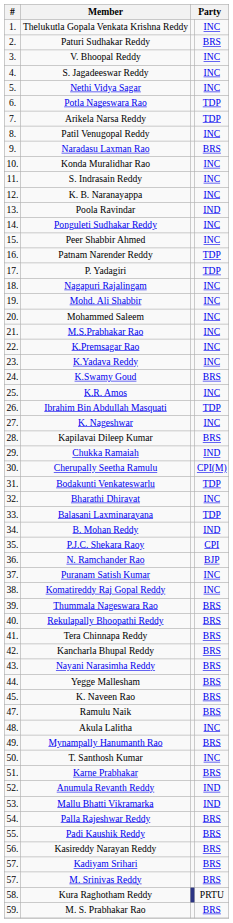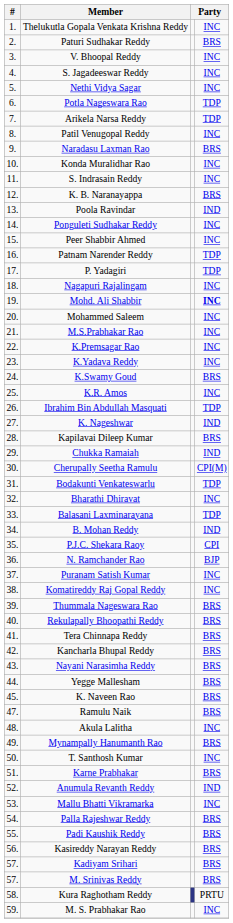 <table class="wikitable sortable" style="text-align:center;">
 <tr>
 <th>#</th>
 <th>Member</th>
 <th colspan="2">Party</th>
 </tr>
 <tr>
 <td>1.</td>
 <td>Thelukutla Gopala Venkata Krishna Reddy</td>
 <td></td>
 <td><a href='#'>INC</a></td>
 </tr>
 <tr>
 <td>2.</td>
 <td>Paturi Sudhakar Reddy</td>
 <td></td>
 <td><a href='#'>BRS</a></td>
 </tr>
 <tr>
 <td>3.</td>
 <td>V. Bhoopal Reddy</td>
 <td></td>
 <td><a href='#'>INC</a></td>
 </tr>
 <tr>
 <td>4.</td>
 <td>S. Jagadeeswar Reddy</td>
 <td></td>
 <td><a href='#'>INC</a></td>
 </tr>
 <tr>
 <td>5.</td>
 <td><a href='#'>Nethi Vidya Sagar</a></td>
 <td></td>
 <td><a href='#'>INC</a></td>
 </tr>
 <tr>
 <td>6.</td>
 <td><a href='#'>Potla Nageswara Rao</a></td>
 <td></td>
 <td><a href='#'>TDP</a></td>
 </tr>
 <tr>
 <td>7.</td>
 <td>Arikela Narsa Reddy</td>
 <td></td>
 <td><a href='#'>TDP</a></td>
 </tr>
 <tr>
 <td>8.</td>
 <td>Patil Venugopal Reddy</td>
 <td></td>
 <td><a href='#'>INC</a></td>
 </tr>
 <tr>
 <td>9.</td>
 <td><a href='#'>Naradasu Laxman Rao</a></td>
 <td></td>
 <td><a href='#'>BRS</a></td>
 </tr>
 <tr>
 <td>10.</td>
 <td>Konda Muralidhar Rao</td>
 <td></td>
 <td><a href='#'>INC</a></td>
 </tr>
 <tr>
 <td>11.</td>
 <td>S. Indrasain Reddy</td>
 <td></td>
 <td><a href='#'>INC</a></td>
 </tr>
 <tr>
 <td>12.</td>
 <td>K. B. Naranayappa</td>
 <td></td>
-<td><a href='#'>INC</a></td>
+<td><a href='#'>BRS</a></td>
 </tr>
 <tr>
 <td>13.</td>
 <td>Poola Ravindar</td>
 <td></td>
 <td><a href='#'>IND</a></td>
 </tr>
 <tr>
 <td>14.</td>
 <td><a href='#'>Ponguleti Sudhakar Reddy</a></td>
 <td></td>
 <td><a href='#'>INC</a></td>
 </tr>
 <tr>
 <td>15.</td>
 <td>Peer Shabbir Ahmed</td>
 <td></td>
 <td><a href='#'>INC</a></td>
 </tr>
 <tr>
 <td>16.</td>
 <td>Patnam Narender Reddy</td>
 <td></td>
 <td><a href='#'>TDP</a></td>
 </tr>
 <tr>
 <td>17.</td>
 <td>P. Yadagiri</td>
 <td></td>
 <td><a href='#'>TDP</a></td>
 </tr>
 <tr>
 <td>18.</td>
 <td><a href='#'>Nagapuri Rajalingam</a></td>
 <td></td>
 <td><a href='#'>INC</a></td>
 </tr>
 <tr>
 <td>19.</td>
 <td><a href='#'>Mohd. Ali Shabbir</a></td>
 <td></td>
-<td><a href='#'>INC</a></td>
+<td><strong><a href='#'>INC</a></strong></td>
 </tr>
 <tr>
 <td>20.</td>
 <td>Mohammed Saleem</td>
 <td></td>
 <td><a href='#'>INC</a></td>
 </tr>
 <tr>
 <td>21.</td>
 <td><a href='#'>M.S.Prabhakar Rao</a></td>
 <td></td>
 <td><a href='#'>INC</a></td>
 </tr>
 <tr>
 <td>22.</td>
 <td><a href='#'>K.Premsagar Rao</a></td>
 <td></td>
 <td><a href='#'>INC</a></td>
 </tr>
 <tr>
 <td>23.</td>
 <td><a href='#'>K.Yadava Reddy</a></td>
 <td></td>
 <td><a href='#'>INC</a></td>
 </tr>
 <tr>
 <td>24.</td>
 <td><a href='#'>K.Swamy Goud</a></td>
 <td></td>
 <td><a href='#'>BRS</a></td>
 </tr>
 <tr>
 <td>25.</td>
 <td><a href='#'>K.R. Amos</a></td>
 <td></td>
 <td><a href='#'>INC</a></td>
 </tr>
 <tr>
 <td>26.</td>
 <td><a href='#'>Ibrahim Bin Abdullah Masquati</a></td>
 <td></td>
 <td><a href='#'>TDP</a></td>
 </tr>
 <tr>
 <td>27.</td>
 <td><a href='#'>K. Nageshwar</a></td>
 <td></td>
-<td><a href='#'>INC</a></td>
+<td><a href='#'>IND</a></td>
 </tr>
 <tr>
 <td>28.</td>
 <td>Kapilavai Dileep Kumar</td>
 <td></td>
 <td><a href='#'>BRS</a></td>
 </tr>
 <tr>
 <td>29.</td>
 <td><a href='#'>Chukka Ramaiah</a></td>
 <td></td>
 <td><a href='#'>IND</a></td>
 </tr>
 <tr>
 <td>30.</td>
 <td><a href='#'>Cherupally Seetha Ramulu</a></td>
 <td></td>
 <td><a href='#'>CPI(M)</a></td>
 </tr>
 <tr>
 <td>31.</td>
 <td><a href='#'>Bodakunti Venkateswarlu</a></td>
 <td></td>
 <td><a href='#'>TDP</a></td>
 </tr>
 <tr>
 <td>32.</td>
 <td><a href='#'>Bharathi Dhiravat</a></td>
 <td></td>
 <td><a href='#'>INC</a></td>
 </tr>
 <tr>
 <td>33.</td>
 <td><a href='#'>Balasani Laxminarayana</a></td>
 <td></td>
 <td><a href='#'>TDP</a></td>
 </tr>
 <tr>
 <td>34.</td>
 <td><a href='#'>B. Mohan Reddy</a></td>
 <td></td>
 <td><a href='#'>IND</a></td>
 </tr>
 <tr>
 <td>35.</td>
 <td><a href='#'>P.J.C. Shekara Raoy</a></td>
 <td></td>
 <td><a href='#'>CPI</a></td>
 </tr>
 <tr>
 <td>36.</td>
 <td><a href='#'>N. Ramchander Rao</a></td>
 <td></td>
 <td><a href='#'>BJP</a></td>
 </tr>
 <tr>
 <td>37.</td>
 <td><a href='#'>Puranam Satish Kumar</a></td>
 <td></td>
 <td><a href='#'>INC</a></td>
 </tr>
 <tr>
 <td>38.</td>
 <td><a href='#'>Komatireddy Raj Gopal Reddy</a></td>
 <td></td>
 <td><a href='#'>INC</a></td>
 </tr>
 <tr>
 <td>39.</td>
 <td><a href='#'>Thummala Nageswara Rao</a></td>
 <td></td>
 <td><a href='#'>BRS</a></td>
 </tr>
 <tr>
 <td>40.</td>
 <td><a href='#'>Rekulapally Bhoopathi Reddy</a></td>
 <td></td>
 <td><a href='#'>BRS</a></td>
 </tr>
 <tr>
 <td>41.</td>
 <td>Tera Chinnapa Reddy</td>
 <td></td>
 <td><a href='#'>BRS</a></td>
 </tr>
 <tr>
 <td>42.</td>
 <td>Kancharla Bhupal Reddy</td>
 <td></td>
 <td><a href='#'>BRS</a></td>
 </tr>
 <tr>
 <td>43.</td>
 <td><a href='#'>Nayani Narasimha Reddy</a></td>
 <td></td>
 <td><a href='#'>BRS</a></td>
 </tr>
 <tr>
 <td>44.</td>
 <td>Yegge Mallesham</td>
 <td></td>
 <td><a href='#'>BRS</a></td>
 </tr>
 <tr>
 <td>45.</td>
 <td>K. Naveen Rao</td>
 <td></td>
 <td><a href='#'>BRS</a></td>
 </tr>
 <tr>
 <td>47.</td>
 <td>Ramulu Naik</td>
 <td></td>
 <td><a href='#'>BRS</a></td>
 </tr>
 <tr>
 <td>48.</td>
 <td>Akula Lalitha</td>
 <td></td>
 <td><a href='#'>INC</a></td>
 </tr>
 <tr>
 <td>49.</td>
 <td><a href='#'>Mynampally Hanumanth Rao</a></td>
 <td></td>
 <td><a href='#'>BRS</a></td>
 </tr>
 <tr>
 <td>50.</td>
 <td>T. Santhosh Kumar</td>
 <td></td>
 <td><a href='#'>INC</a></td>
 </tr>
 <tr>
 <td>51.</td>
 <td><a href='#'>Karne Prabhakar</a></td>
 <td></td>
 <td><a href='#'>BRS</a></td>
 </tr>
 <tr>
 <td>52.</td>
 <td><a href='#'>Anumula Revanth Reddy</a></td>
 <td></td>
 <td><a href='#'>IND</a></td>
 </tr>
 <tr>
 <td>53.</td>
 <td><a href='#'>Mallu Bhatti Vikramarka</a></td>
 <td></td>
-<td><a href='#'>IND</a></td>
+<td><a href='#'>INC</a></td>
 </tr>
 <tr>
 <td>54.</td>
 <td><a href='#'>Palla Rajeshwar Reddy</a></td>
 <td></td>
 <td><a href='#'>BRS</a></td>
 </tr>
 <tr>
 <td>55.</td>
 <td><a href='#'>Padi Kaushik Reddy</a></td>
 <td></td>
 <td><a href='#'>BRS</a></td>
 </tr>
 <tr>
 <td>56.</td>
 <td>Kasireddy Narayan Reddy</td>
 <td></td>
 <td><a href='#'>BRS</a></td>
 </tr>
 <tr>
 <td>57.</td>
 <td><a href='#'>Kadiyam Srihari</a></td>
 <td></td>
 <td><a href='#'>BRS</a></td>
 </tr>
 <tr>
 <td>57.</td>
 <td><a href='#'>M. Srinivas Reddy</a></td>
 <td></td>
 <td><a href='#'>BRS</a></td>
 </tr>
 <tr>
 <td>58.</td>
 <td>Kura Raghotham Reddy</td>
 <td bgcolor=#2C3484></td>
 <td>PRTU</td>
 </tr>
 <tr>
 <td>59.</td>
 <td>M. S. Prabhakar Rao</td>
 <td></td>
-<td><a href='#'>BRS</a></td>
+<td><a href='#'>INC</a></td>
 </tr>
 <tr>
 </tr>
 </table>
